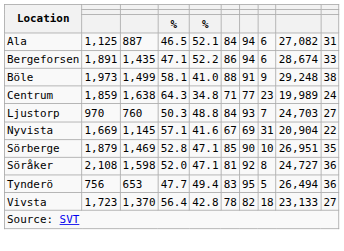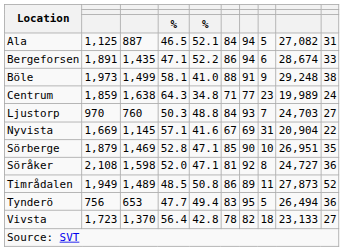 <table role="presentation" class="wikitable sortable mw-collapsible">
 <tr>
 <th rowspan="3">Location</th>
 <th></th>
 <th></th>
 <th></th>
 <th></th>
 <th></th>
 <th></th>
 <th></th>
 <th></th>
 <th></th>
 </tr>
 <tr>
 <th></th>
 <th></th>
 <th style="background:"></th>
 <th style="background:"></th>
 <th></th>
 <th></th>
 <th></th>
 <th></th>
 <th></th>
 </tr>
 <tr>
 <th data-sort-type="number"></th>
 <th data-sort-type="number"></th>
 <th data-sort-type="number">%</th>
 <th data-sort-type="number">%</th>
 <th data-sort-type="number"></th>
 <th data-sort-type="number"></th>
 <th data-sort-type="number"></th>
 <th data-sort-type="number"></th>
 <th data-sort-type="number"></th>
 </tr>
 <tr>
 <td align="left">Ala</td>
 <td>1,125</td>
 <td>887</td>
 <td>46.5</td>
 <td>52.1</td>
 <td>84</td>
 <td>94</td>
-<td>6</td>
+<td>5</td>
 <td>27,082</td>
 <td>31</td>
 </tr>
 <tr>
 <td align="left">Bergeforsen</td>
 <td>1,891</td>
 <td>1,435</td>
 <td>47.1</td>
 <td>52.2</td>
 <td>86</td>
 <td>94</td>
 <td>6</td>
 <td>28,674</td>
 <td>33</td>
 </tr>
 <tr>
 <td align="left">Böle</td>
 <td>1,973</td>
 <td>1,499</td>
 <td>58.1</td>
 <td>41.0</td>
 <td>88</td>
 <td>91</td>
 <td>9</td>
 <td>29,248</td>
 <td>38</td>
 </tr>
 <tr>
 <td align="left">Centrum</td>
 <td>1,859</td>
 <td>1,638</td>
 <td>64.3</td>
 <td>34.8</td>
 <td>71</td>
 <td>77</td>
 <td>23</td>
 <td>19,989</td>
 <td>24</td>
 </tr>
 <tr>
 <td align="left">Ljustorp</td>
 <td>970</td>
 <td>760</td>
 <td>50.3</td>
 <td>48.8</td>
 <td>84</td>
 <td>93</td>
 <td>7</td>
 <td>24,703</td>
 <td>27</td>
 </tr>
 <tr>
 <td align="left">Nyvista</td>
 <td>1,669</td>
 <td>1,145</td>
 <td>57.1</td>
 <td>41.6</td>
 <td>67</td>
 <td>69</td>
 <td>31</td>
 <td>20,904</td>
 <td>22</td>
 </tr>
 <tr>
 <td align="left">Sörberge</td>
 <td>1,879</td>
 <td>1,469</td>
 <td>52.8</td>
 <td>47.1</td>
 <td>85</td>
 <td>90</td>
 <td>10</td>
 <td>26,951</td>
 <td>35</td>
 </tr>
 <tr>
 <td align="left">Söråker</td>
 <td>2,108</td>
 <td>1,598</td>
 <td>52.0</td>
 <td>47.1</td>
 <td>81</td>
 <td>92</td>
 <td>8</td>
 <td>24,727</td>
 <td>36</td>
 </tr>
 <tr>
+<td align="left">Timrådalen</td>
+<td>1,949</td>
+<td>1,489</td>
+<td>48.5</td>
+<td>50.8</td>
+<td>86</td>
+<td>89</td>
+<td>11</td>
+<td>27,873</td>
+<td>52</td>
+</tr>
+<tr>
 <td align="left">Tynderö</td>
 <td>756</td>
 <td>653</td>
 <td>47.7</td>
 <td>49.4</td>
 <td>83</td>
 <td>95</td>
 <td>5</td>
 <td>26,494</td>
 <td>36</td>
 </tr>
 <tr>
 <td align="left">Vivsta</td>
 <td>1,723</td>
 <td>1,370</td>
 <td>56.4</td>
 <td>42.8</td>
 <td>78</td>
 <td>82</td>
 <td>18</td>
 <td>23,133</td>
 <td>27</td>
 </tr>
 <tr>
 <td colspan="10" align="left">Source: <a href='#'>SVT</a></td>
 </tr>
 </table>
